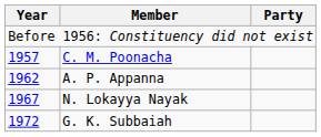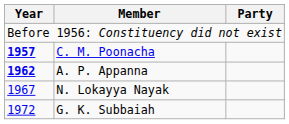 <table class="wikitable">
 <tr>
 <th>Year</th>
 <th>Member</th>
 <th colspan="2">Party</th>
 </tr>
 <tr>
 <td colspan=4>Before 1956: <em>Constituency did not exist</em></td>
 </tr>
 <tr>
-<td><a href='#'>1957</a></td>
+<td><strong><a href='#'>1957</a></strong></td>
 <td><a href='#'>C. M. Poonacha</a></td>
 <td></td>
 </tr>
 <tr>
-<td><a href='#'>1962</a></td>
+<td><strong><a href='#'>1962</a></strong></td>
 <td>A. P. Appanna</td>
 </tr>
 <tr>
 <td><a href='#'>1967</a></td>
 <td>N. Lokayya Nayak</td>
 <td></td>
 </tr>
 <tr>
 <td><a href='#'>1972</a></td>
 <td>G. K. Subbaiah</td>
 <td></td>
 </tr>
 </table>
